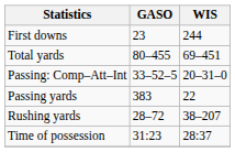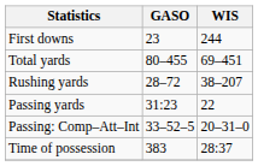 <table class="wikitable" style="float: left;">
 <tr>
 <th>Statistics</th>
 <th>GASO</th>
 <th>WIS</th>
 </tr>
 <tr>
 <td>First downs</td>
 <td>23</td>
 <td>244</td>
 </tr>
 <tr>
 <td>Total yards</td>
 <td>80–455</td>
 <td>69–451</td>
 </tr>
 <tr>
+<td>Rushing yards</td>
+<td>28–72</td>
+<td>38–207</td>
+</tr>
+<tr>
+<td>Passing yards</td>
+<td>31:23</td>
+<td>22</td>
+</tr>
+<tr>
 <td>Passing: Comp–Att–Int</td>
 <td>33–52–5</td>
 <td>20–31–0</td>
 </tr>
 <tr>
-<td>Passing yards</td>
+<td>Time of possession</td>
 <td>383</td>
-<td>22</td>
-</tr>
-<tr>
-<td>Rushing yards</td>
-<td>28–72</td>
-<td>38–207</td>
-</tr>
-<tr>
-<td>Time of possession</td>
-<td>31:23</td>
 <td>28:37</td>
 </tr>
 <tr>
 </tr>
 </table>
